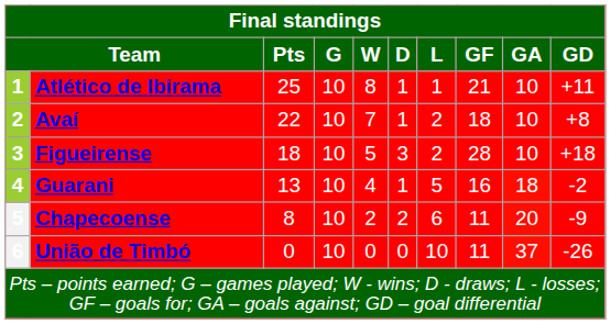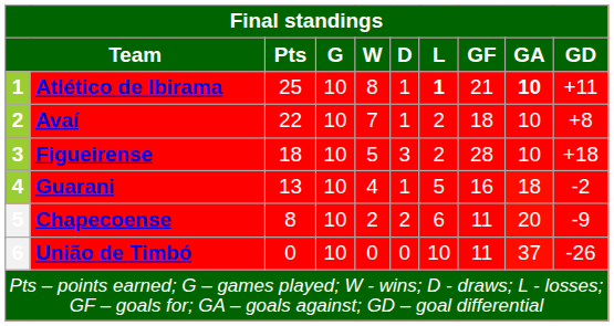 <table class="wikitable" style="text-align:center; color:white; background:#ff0000">
 <tr>
 <th style="background:#006400" colspan="10">Final standings</th>
 </tr>
 <tr>
 <th style="background:#006400" colspan="2">Team</th>
 <th style="background:#006400">Pts</th>
 <th style="background:#006400">G</th>
 <th style="background:#006400">W</th>
 <th style="background:#006400">D</th>
 <th style="background:#006400">L</th>
 <th style="background:#006400">GF</th>
 <th style="background:#006400">GA</th>
 <th style="background:#006400">GD</th>
 </tr>
 <tr>
 <th style="background:#9ACD32">1</th>
 <td align="left"><a href='#'><span> <strong>Atlético de Ibirama</strong></span></a></td>
 <td bgcolor=#ff0000 align="center"><span>25</span></td>
 <td bgcolor=#ff0000 align="center"><span>10</span></td>
 <td bgcolor=#ff0000 align="center"><span>8</span></td>
 <td bgcolor=#ff0000 align="center"><span>1</span></td>
-<td bgcolor=#ff0000 align="center"><span>1</span></td>
+<td bgcolor=#ff0000 align="center"><strong><span>1</span></strong></td>
 <td bgcolor=#ff0000 align="center"><span>21</span></td>
-<td bgcolor=#ff0000 align="center"><span>10</span></td>
+<td bgcolor=#ff0000 align="center"><strong><span>10</span></strong></td>
 <td bgcolor=#ff0000 align="center"><span>+11</span></td>
 </tr>
 <tr>
 <th style="background:#9ACD32">2</th>
 <td align="left"><a href='#'><span><strong>Avaí</strong></span></a></td>
 <td bgcolor=#ff0000 align="center"><span>22</span></td>
 <td bgcolor=#ff0000 align="center"><span>10</span></td>
 <td bgcolor=#ff0000 align="center"><span>7</span></td>
 <td bgcolor=#ff0000 align="center"><span>1</span></td>
 <td bgcolor=#ff0000 align="center"><span>2</span></td>
 <td bgcolor=#ff0000 align="center"><span>18</span></td>
 <td bgcolor=#ff0000 align="center"><span>10</span></td>
 <td bgcolor=#ff0000 align="center"><span>+8</span></td>
 </tr>
 <tr>
 <th style="background:#9ACD32">3</th>
 <td align="left"><a href='#'><span><strong>Figueirense</strong></span></a></td>
 <td bgcolor=#ff0000 align="center"><span>18</span></td>
 <td bgcolor=#ff0000 align="center"><span>10</span></td>
 <td bgcolor=#ff0000 align="center"><span>5</span></td>
 <td bgcolor=#ff0000 align="center"><span>3</span></td>
 <td bgcolor=#ff0000 align="center"><span>2</span></td>
 <td bgcolor=#ff0000 align="center"><span>28</span></td>
 <td bgcolor=#ff0000 align="center"><span>10</span></td>
 <td bgcolor=#ff0000 align="center"><span>+18</span></td>
 </tr>
 <tr>
 <th style="background:#9ACD32">4</th>
 <td align="left"><a href='#'><span> <strong>Guarani</strong></span></a></td>
 <td bgcolor=#ff0000 align="center"><span>13</span></td>
 <td bgcolor=#ff0000 align="center"><span>10</span></td>
 <td bgcolor=#ff0000 align="center"><span>4</span></td>
 <td bgcolor=#ff0000 align="center"><span>1</span></td>
 <td bgcolor=#ff0000 align="center"><span>5</span></td>
 <td bgcolor=#ff0000 align="center"><span>16</span></td>
 <td bgcolor=#ff0E00 align="center"><span>18</span></td>
 <td bgcolor=#ff0000 align="center"><span>-2</span></td>
 </tr>
 <tr>
 <th>5</th>
 <td align="left"><a href='#'><span><strong>Chapecoense</strong></span></a></td>
 <td bgcolor=#ff0000 align="center"><span>8</span></td>
 <td bgcolor=#ff0000 align="center"><span>10</span></td>
 <td bgcolor=#ff0000 align="center"><span>2</span></td>
 <td bgcolor=#ff0000 align="center"><span>2</span></td>
 <td bgcolor=#ff0000 align="center"><span>6</span></td>
 <td bgcolor=#ff0000 align="center"><span>11</span></td>
 <td bgcolor=#ff0E00 align="center"><span>20</span></td>
 <td bgcolor=#ff0000 align="center"><span>-9</span></td>
 </tr>
 <tr>
 <th>6</th>
 <td align="left"><a href='#'><span><strong>União de Timbó</strong></span></a></td>
 <td bgcolor=#ff0000 align="center"><span>0</span></td>
 <td bgcolor=#ff0000 align="center"><span>10</span></td>
 <td bgcolor=#ff0000 align="center"><span>0</span></td>
 <td bgcolor=#ff0000 align="center"><span>0</span></td>
 <td bgcolor=#ff0000 align="center"><span>10</span></td>
 <td bgcolor=#ff0000 align="center"><span>11</span></td>
 <td bgcolor=#ff0E00 align="center"><span>37</span></td>
 <td bgcolor=#ff0000 align="center"><span>-26</span></td>
 </tr>
 <tr>
 <td colspan="10" style="background:#006400; font-size:90%; font-style:italic">Pts – points earned; G – games played; W - wins; D - draws; L - losses;<br>GF – goals for; GA – goals against; GD – goal differential</td>
 </tr>
 </table>
